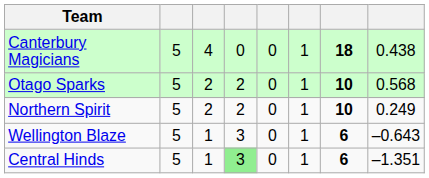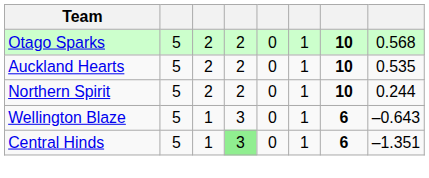 <table class="wikitable" style="text-align:center">
 <tr>
 <th width="150">Team</th>
 <th width="25"></th>
 <th width="25"></th>
 <th width="25"></th>
 <th width="25"></th>
 <th width="25"></th>
 <th width="40"></th>
 <th width="50"></th>
 </tr>
 <tr style="background:#cfc">
-<td style="text-align:left"><a href='#'>Canterbury Magicians</a></td>
-<td>5</td>
-<td>4</td>
-<td>0</td>
-<td>0</td>
-<td>1</td>
-<td><strong>18</strong></td>
-<td>0.438</td>
-</tr>
-<tr style="background:#cfc">
 <td style="text-align:left"><a href='#'>Otago Sparks</a></td>
 <td>5</td>
 <td>2</td>
 <td>2</td>
 <td>0</td>
 <td>1</td>
 <td><strong>10</strong></td>
 <td>0.568</td>
 </tr>
 <tr>
+<td style="text-align:left"><a href='#'>Auckland Hearts</a></td>
+<td>5</td>
+<td>2</td>
+<td>2</td>
+<td>0</td>
+<td>1</td>
+<td><strong>10</strong></td>
+<td>0.535</td>
+</tr>
+<tr>
 <td style="text-align:left"><a href='#'>Northern Spirit</a></td>
 <td>5</td>
 <td>2</td>
 <td>2</td>
 <td>0</td>
 <td>1</td>
 <td><strong>10</strong></td>
-<td>0.249</td>
+<td>0.244</td>
 </tr>
 <tr>
 <td style="text-align:left"><a href='#'>Wellington Blaze</a></td>
 <td>5</td>
 <td>1</td>
 <td>3</td>
 <td>0</td>
 <td>1</td>
 <td><strong>6</strong></td>
 <td>–0.643</td>
 </tr>
 <tr>
 <td style="text-align:left"><a href='#'>Central Hinds</a></td>
 <td>5</td>
 <td>1</td>
 <td style="background: lightgreen;">3</td>
 <td>0</td>
 <td>1</td>
 <td><strong>6</strong></td>
 <td>–1.351</td>
 </tr>
 </table>
